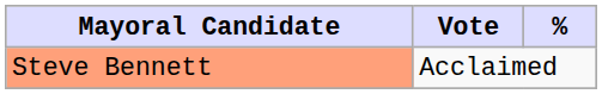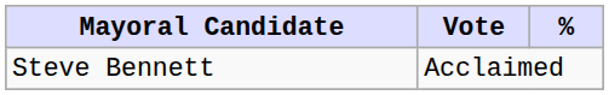 <table class="wikitable">
 <tr>
 <th style="background:#ddf; width:200px;">Mayoral Candidate</th>
 <th style="background:#ddf; width:50px;">Vote</th>
 <th style="background:#ddf; width:30px;">%</th>
 </tr>
 <tr>
-<td style="background: lightsalmon;">Steve Bennett</td>
+<td>Steve Bennett</td>
 <td colspan="2">Acclaimed</td>
 </tr>
 </table>
